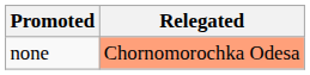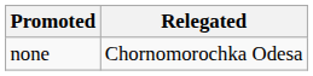 <table class="wikitable">
 <tr>
 <th>Promoted</th>
 <th>Relegated</th>
 </tr>
 <tr>
 <td>none</td>
-<td style="background: lightsalmon;">Chornomorochka Odesa </td>
+<td>Chornomorochka Odesa </td>
 </tr>
 </table>
